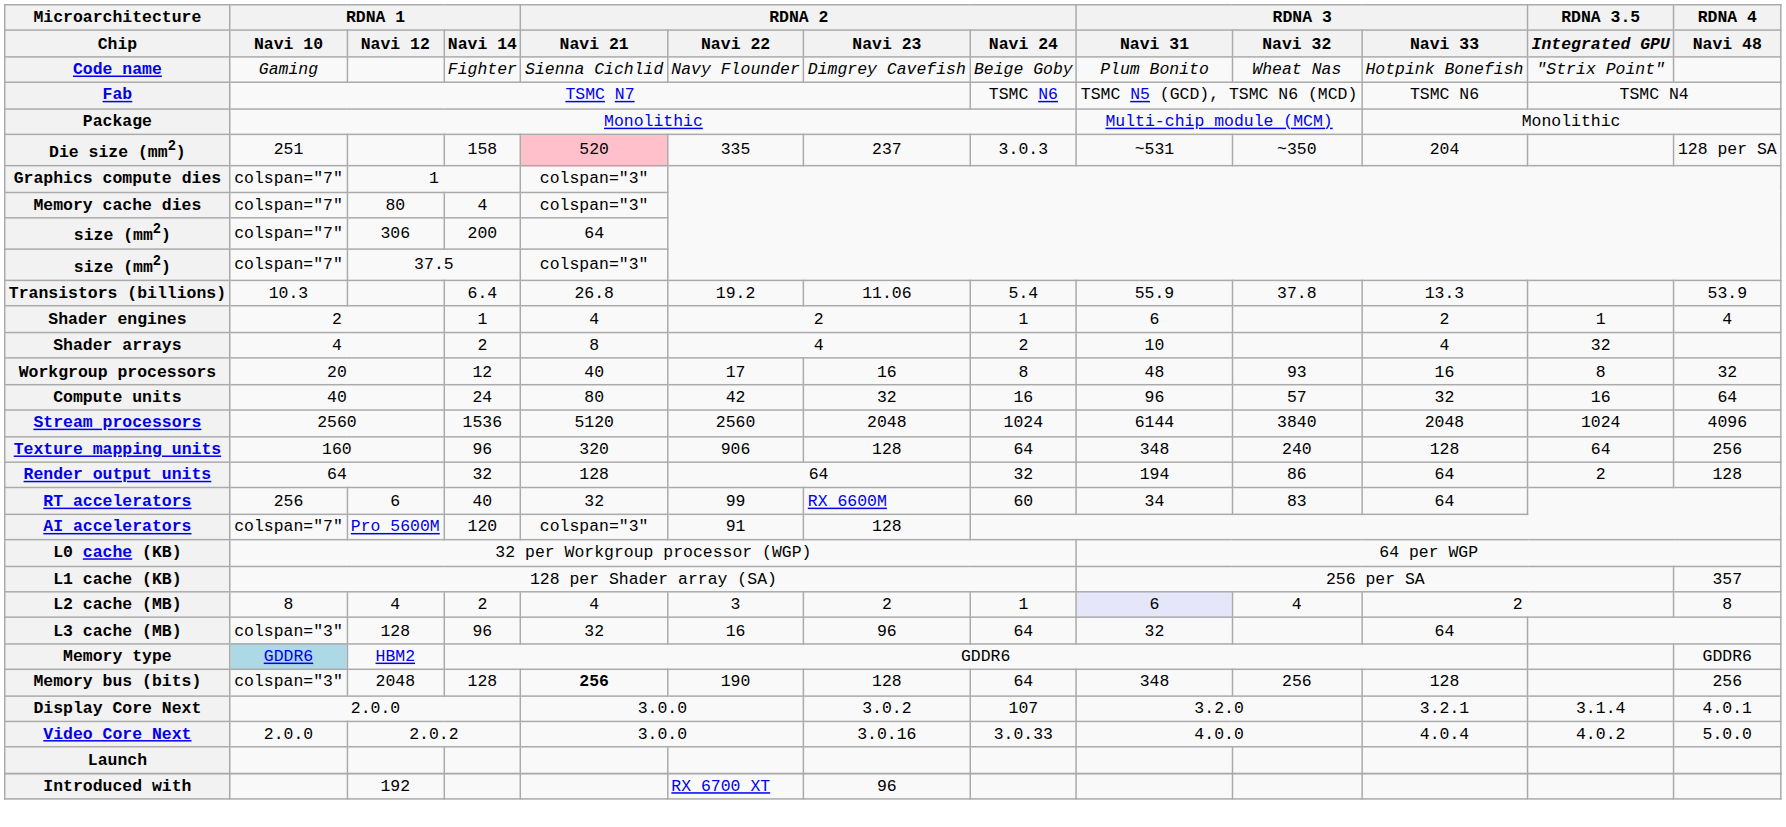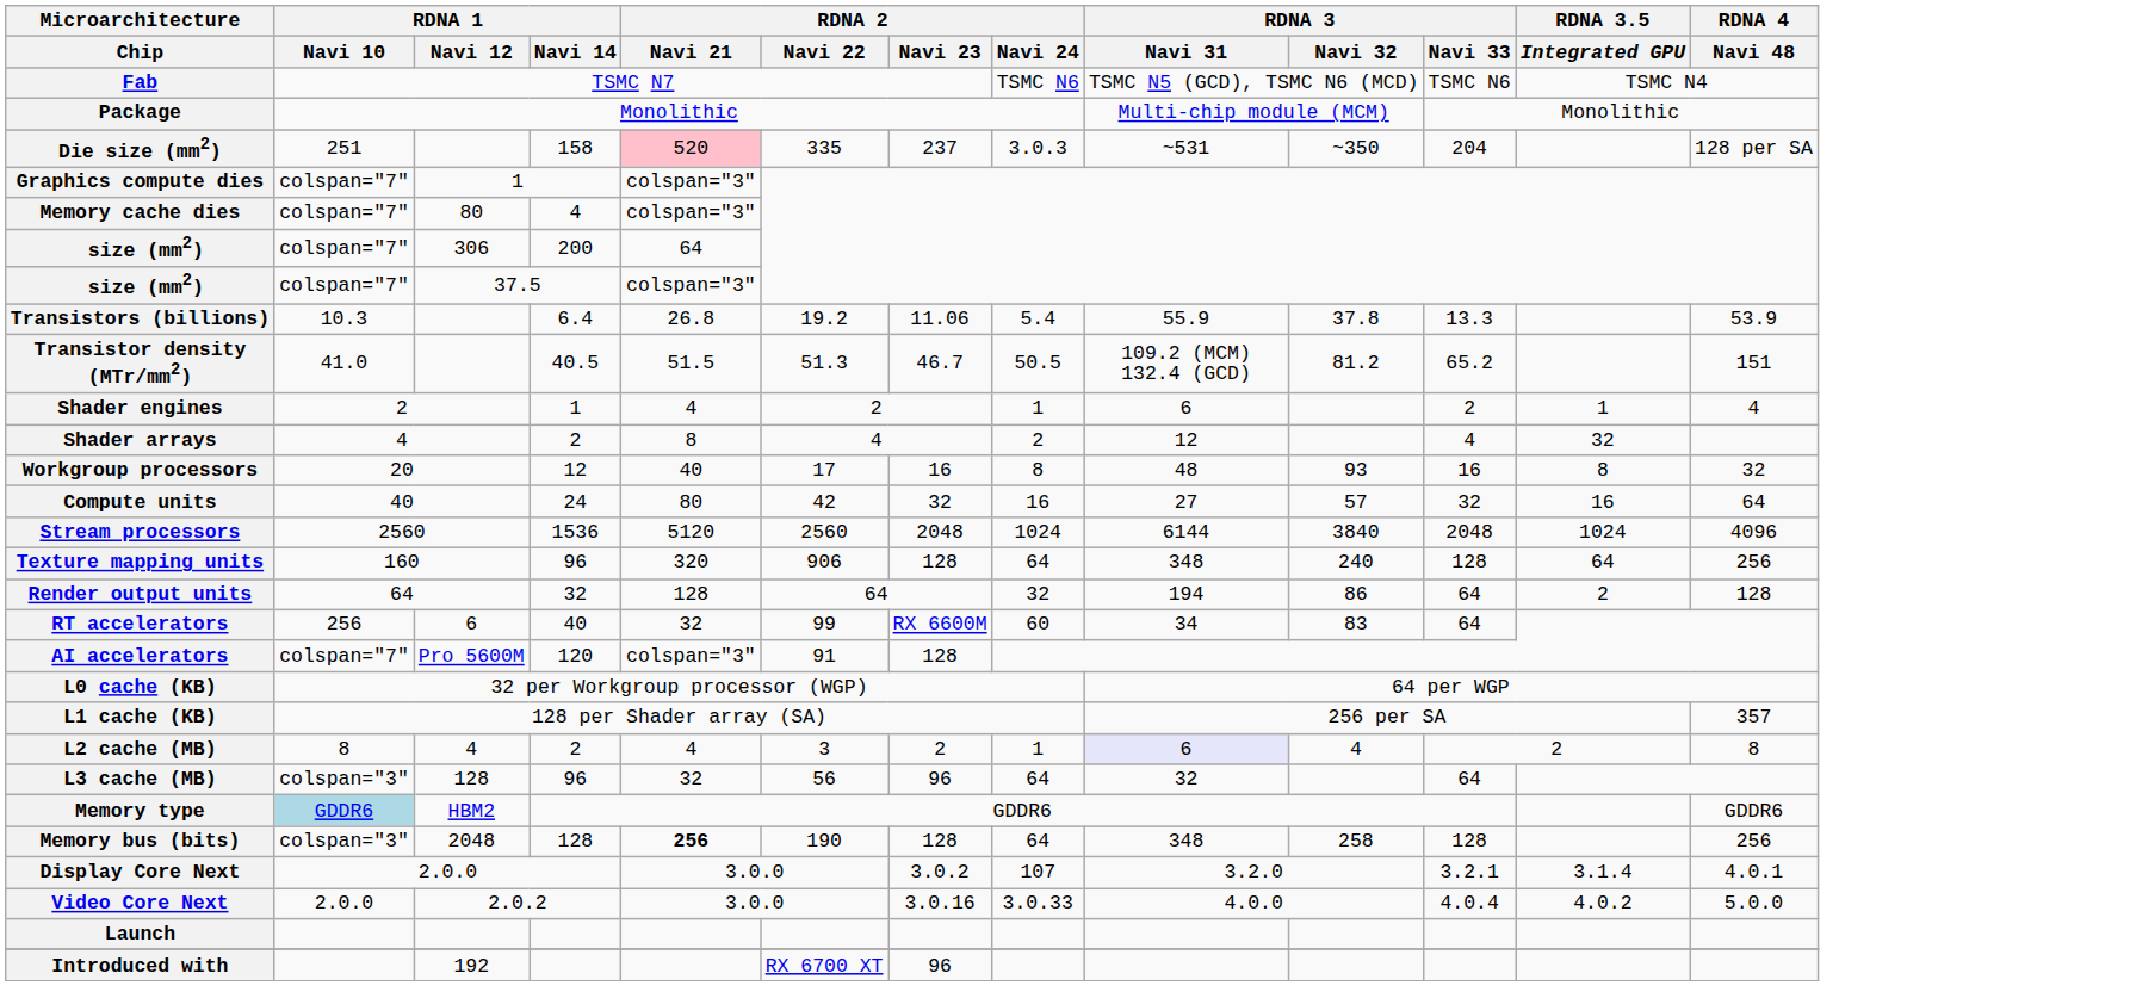 <table class="wikitable" style="font-size: 85%; text-align: center;">
 <tr>
 <th style="min-width: 12em;">Microarchitecture</th>
 <th colspan="3">RDNA 1</th>
 <th colspan="4">RDNA 2</th>
 <th colspan="3">RDNA 3</th>
 <th colspan="1">RDNA 3.5</th>
 <th colspan="1">RDNA 4</th>
 </tr>
 <tr>
 <th>Chip</th>
 <th>Navi 10</th>
 <th>Navi 12</th>
 <th>Navi 14</th>
 <th>Navi 21</th>
 <th>Navi 22</th>
 <th>Navi 23</th>
 <th>Navi 24</th>
 <th>Navi 31</th>
 <th>Navi 32</th>
 <th>Navi 33</th>
 <th><em>Integrated GPU</em></th>
 <th>Navi 48</th>
-</tr>
-<tr>
-<th><a href='#'>Code name</a></th>
-<td><em>Gaming</em></td>
-<td></td>
-<td><em>Fighter</em></td>
-<td><em>Sienna Cichlid</em></td>
-<td><em>Navy Flounder</em></td>
-<td><em>Dimgrey Cavefish</em></td>
-<td><em>Beige Goby</em></td>
-<td><em>Plum Bonito</em></td>
-<td><em>Wheat Nas</em></td>
-<td><em>Hotpink Bonefish</em></td>
-<td><em>"Strix Point"</em></td>
-<td></td>
 </tr>
 <tr>
 <th><a href='#'>Fab</a></th>
 <td colspan="6"><a href='#'>TSMC</a> <a href='#'>N7</a></td>
 <td>TSMC <a href='#'>N6</a></td>
 <td colspan="2">TSMC <a href='#'>N5</a> (GCD), TSMC N6 (MCD)</td>
 <td>TSMC N6</td>
 <td colspan="2">TSMC N4</td>
 </tr>
 <tr>
 <th>Package</th>
 <td colspan="7"><a href='#'>Monolithic</a></td>
 <td colspan="2"><a href='#'>Multi-chip module (MCM)</a></td>
 <td colspan="3">Monolithic</td>
 </tr>
 <tr>
 <th>Die size (mm<sup>2</sup>)</th>
 <td>251</td>
 <td></td>
 <td>158</td>
 <td style="background: pink;">520</td>
 <td>335</td>
 <td>237</td>
 <td>3.0.3</td>
 <td>~531</td>
 <td>~350</td>
 <td>204</td>
 <td></td>
 <td>128 per SA</td>
 </tr>
 <tr>
 <th>Graphics compute dies</th>
 <td>colspan="7" </td>
 <td colspan="2">1</td>
 <td>colspan="3" </td>
 </tr>
 <tr>
 <th>Memory cache dies</th>
 <td>colspan="7" </td>
 <td>80</td>
 <td>4</td>
 <td>colspan="3" </td>
 </tr>
 <tr>
 <th> size (mm<sup>2</sup>)</th>
 <td>colspan="7" </td>
 <td>306</td>
 <td>200</td>
 <td>64</td>
 </tr>
 <tr>
 <th> size (mm<sup>2</sup>)</th>
 <td>colspan="7" </td>
 <td colspan="2">37.5</td>
 <td>colspan="3" </td>
 </tr>
 <tr>
 <th>Transistors (billions)</th>
 <td>10.3</td>
 <td></td>
 <td>6.4</td>
 <td>26.8</td>
 <td>19.2</td>
 <td>11.06</td>
 <td>5.4</td>
 <td>55.9</td>
 <td>37.8</td>
 <td>13.3</td>
 <td></td>
 <td>53.9</td>
 </tr>
 <tr>
+<th>Transistor density<br>(MTr/mm<sup>2</sup>)</th>
+<td>41.0</td>
+<td></td>
+<td>40.5</td>
+<td>51.5</td>
+<td>51.3</td>
+<td>46.7</td>
+<td>50.5</td>
+<td>109.2 (MCM)<br>132.4 (GCD)</td>
+<td>81.2</td>
+<td>65.2</td>
+<td></td>
+<td>151</td>
+</tr>
+<tr>
 <th>Shader engines</th>
 <td colspan="2">2</td>
 <td>1</td>
 <td>4</td>
 <td colspan="2">2</td>
 <td>1</td>
 <td>6</td>
 <td></td>
 <td>2</td>
 <td>1</td>
 <td>4</td>
 </tr>
 <tr>
 <th>Shader arrays</th>
 <td colspan="2">4</td>
 <td>2</td>
 <td>8</td>
 <td colspan="2">4</td>
 <td>2</td>
-<td>10</td>
+<td>12</td>
 <td></td>
 <td>4</td>
 <td>32</td>
 <td></td>
 </tr>
 <tr>
 <th>Workgroup processors</th>
 <td colspan="2">20</td>
 <td>12</td>
 <td>40</td>
 <td>17</td>
 <td>16</td>
 <td>8</td>
 <td>48</td>
 <td>93</td>
 <td>16</td>
 <td>8</td>
 <td>32</td>
 </tr>
 <tr>
 <th>Compute units</th>
 <td colspan="2">40</td>
 <td>24</td>
 <td>80</td>
 <td>42</td>
 <td>32</td>
 <td>16</td>
-<td>96</td>
+<td>27</td>
 <td>57</td>
 <td>32</td>
 <td>16</td>
 <td>64</td>
 </tr>
 <tr>
 <th><a href='#'>Stream processors</a></th>
 <td colspan="2">2560</td>
 <td>1536</td>
 <td>5120</td>
 <td>2560</td>
 <td>2048</td>
 <td>1024</td>
 <td>6144</td>
 <td>3840</td>
 <td>2048</td>
 <td>1024</td>
 <td>4096</td>
 </tr>
 <tr>
 <th><a href='#'>Texture mapping units</a></th>
 <td colspan="2">160</td>
 <td>96</td>
 <td>320</td>
 <td>906</td>
 <td>128</td>
 <td>64</td>
 <td>348</td>
 <td>240</td>
 <td>128</td>
 <td>64</td>
 <td>256</td>
 </tr>
 <tr>
 <th><a href='#'>Render output units</a></th>
 <td colspan="2">64</td>
 <td>32</td>
 <td>128</td>
 <td colspan="2">64</td>
 <td>32</td>
 <td>194</td>
 <td>86</td>
 <td>64</td>
 <td>2</td>
 <td>128</td>
 </tr>
 <tr>
 <th><a href='#'>RT accelerators</a></th>
 <td>256</td>
 <td>6</td>
 <td>40</td>
 <td>32</td>
 <td>99</td>
 <td style="vertical-align:top; text-align: left;"><a href='#'>RX 6600M</a></td>
 <td>60</td>
 <td>34</td>
 <td>83</td>
 <td>64</td>
 </tr>
 <tr>
 <th><a href='#'>AI accelerators</a></th>
 <td>colspan="7" </td>
 <td style="vertical-align:top; text-align: left;"><a href='#'>Pro 5600M</a></td>
 <td>120</td>
 <td>colspan="3" </td>
 <td>91</td>
 <td>128</td>
 </tr>
 <tr>
 <th>L0 <a href='#'>cache</a> (KB)</th>
 <td colspan="7">32 per Workgroup processor (WGP)</td>
 <td colspan="5">64 per WGP</td>
 </tr>
 <tr>
 <th>L1 cache (KB)</th>
 <td colspan="7">128 per Shader array (SA)</td>
 <td colspan="4">256 per SA</td>
 <td>357</td>
 </tr>
 <tr>
 <th>L2 cache (MB)</th>
 <td>8</td>
 <td>4</td>
 <td>2</td>
 <td>4</td>
 <td>3</td>
 <td>2</td>
 <td>1</td>
 <td style="background: lavender;">6</td>
 <td>4</td>
 <td colspan="2">2</td>
 <td>8</td>
 </tr>
 <tr>
 <th>L3 cache (MB)</th>
 <td>colspan="3" </td>
 <td>128</td>
 <td>96</td>
 <td>32</td>
-<td>16</td>
+<td>56</td>
 <td>96</td>
 <td>64</td>
 <td>32</td>
 <td></td>
 <td>64</td>
 </tr>
 <tr>
 <th>Memory type</th>
 <td style="background: lightblue;"><a href='#'>GDDR6</a></td>
 <td><a href='#'>HBM2</a></td>
 <td colspan="8">GDDR6</td>
 <td></td>
 <td>GDDR6</td>
 </tr>
 <tr>
 <th>Memory bus (bits)</th>
 <td>colspan="3" </td>
 <td>2048</td>
 <td>128</td>
 <td><strong>256</strong></td>
 <td>190</td>
 <td>128</td>
 <td>64</td>
 <td>348</td>
-<td>256</td>
+<td>258</td>
 <td>128</td>
 <td></td>
 <td>256</td>
 </tr>
 <tr>
 <th>Display Core Next</th>
 <td colspan="3">2.0.0</td>
 <td colspan="2">3.0.0</td>
 <td>3.0.2</td>
 <td>107</td>
 <td colspan="2">3.2.0</td>
 <td>3.2.1</td>
 <td>3.1.4</td>
 <td>4.0.1</td>
 </tr>
 <tr>
 <th><a href='#'>Video Core Next</a></th>
 <td>2.0.0</td>
 <td colspan="2">2.0.2</td>
 <td colspan="2">3.0.0</td>
 <td>3.0.16</td>
 <td>3.0.33</td>
 <td colspan="2">4.0.0</td>
 <td>4.0.4</td>
 <td>4.0.2</td>
 <td>5.0.0</td>
 </tr>
 <tr>
 <th>Launch</th>
 <td></td>
 <td></td>
 <td></td>
 <td></td>
 <td></td>
 <td></td>
 <td></td>
 <td></td>
 <td></td>
 <td></td>
 <td></td>
 <td></td>
 </tr>
 <tr>
 </tr>
 <tr>
 <th>Introduced with</th>
 <td style="vertical-align:top; text-align: left;"></td>
 <td>192</td>
 <td style="vertical-align:top; text-align: left;"></td>
 <td style="vertical-align:top; text-align: left;"></td>
 <td style="vertical-align:top; text-align: left;"><a href='#'>RX 6700 XT</a></td>
 <td>96</td>
 <td style="vertical-align:top; text-align: left;"></td>
 <td style="vertical-align:top; text-align: left;"></td>
 <td style="vertical-align:top; text-align: left;"></td>
 <td style="vertical-align:top; text-align: left;"></td>
 <td style="vertical-align:top; text-align: left;"></td>
 <td style="vertical-align:top; text-align: left;"></td>
 </tr>
 </table>
